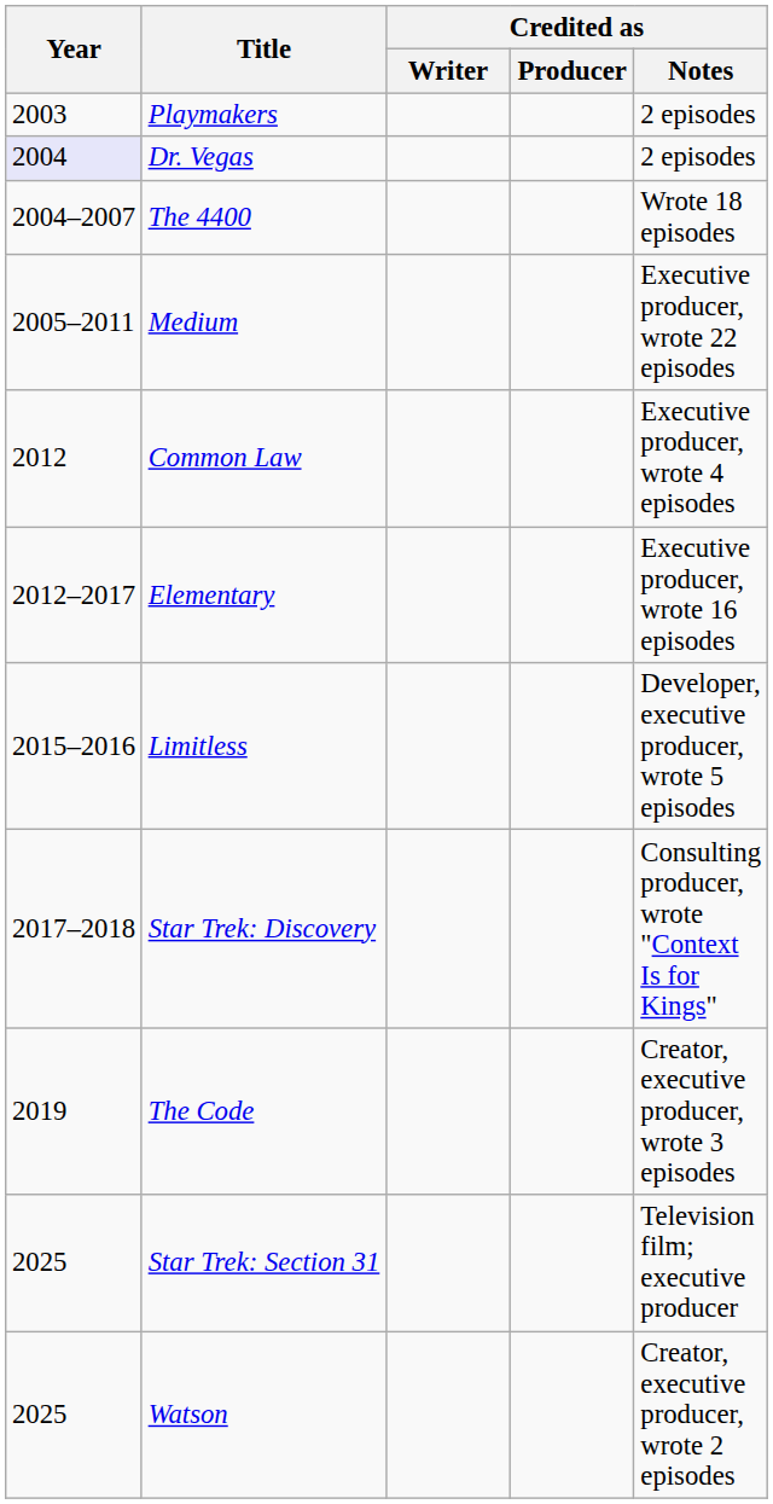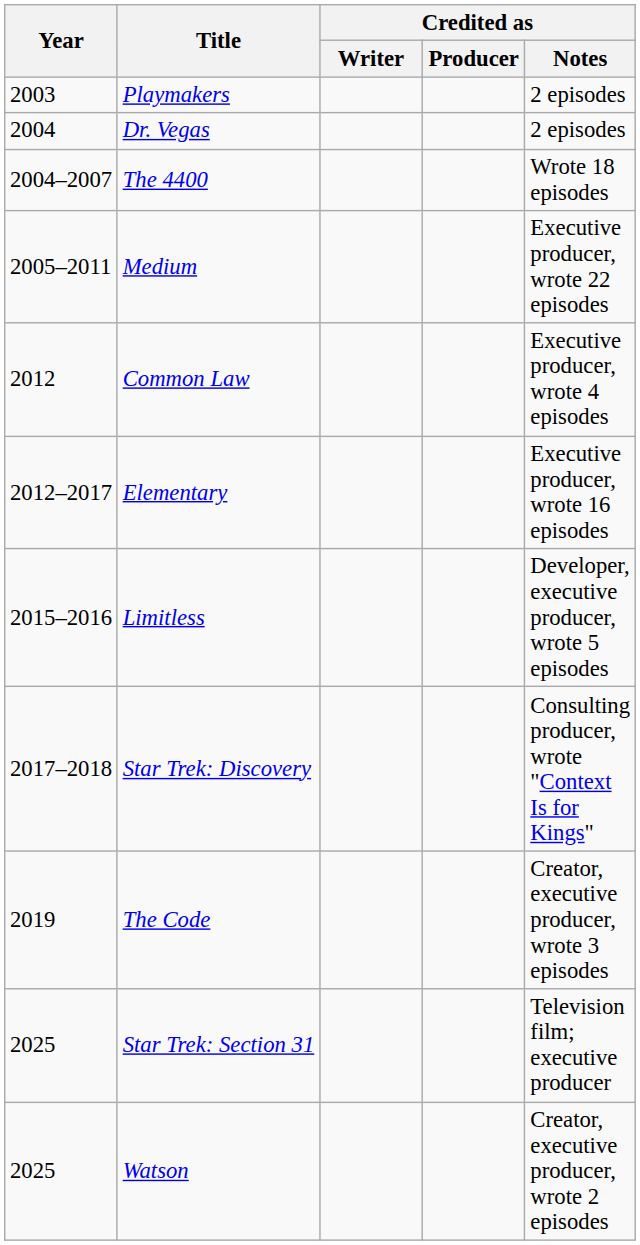 <table class="wikitable">
 <tr>
 <th rowspan="2">Year</th>
 <th rowspan="2">Title</th>
 <th colspan="4">Credited as</th>
 </tr>
 <tr>
 <th style="width:65px;">Writer</th>
 <th style="width:65px;">Producer</th>
 <th style="width:65px;">Notes</th>
 </tr>
 <tr>
 <td>2003</td>
 <td><em><a href='#'>Playmakers</a></em></td>
 <td></td>
 <td></td>
 <td>2 episodes</td>
 </tr>
 <tr>
-<td style="background: lavender;">2004</td>
+<td>2004</td>
 <td><em><a href='#'>Dr. Vegas</a></em></td>
 <td></td>
 <td></td>
 <td>2 episodes</td>
 </tr>
 <tr>
 <td>2004–2007</td>
 <td><em><a href='#'>The 4400</a></em></td>
 <td></td>
 <td></td>
 <td>Wrote 18 episodes</td>
 </tr>
 <tr>
 <td>2005–2011</td>
 <td><em><a href='#'>Medium</a></em></td>
 <td></td>
 <td></td>
 <td>Executive producer, wrote 22 episodes</td>
 </tr>
 <tr>
 <td>2012</td>
 <td><em><a href='#'>Common Law</a></em></td>
 <td></td>
 <td></td>
 <td>Executive producer, wrote 4 episodes</td>
 </tr>
 <tr>
 <td>2012–2017</td>
 <td><em><a href='#'>Elementary</a></em></td>
 <td></td>
 <td></td>
 <td>Executive producer, wrote 16 episodes</td>
 </tr>
 <tr>
 <td>2015–2016</td>
 <td><em><a href='#'>Limitless</a></em></td>
 <td></td>
 <td></td>
 <td>Developer, executive producer, wrote 5 episodes</td>
 </tr>
 <tr>
 <td>2017–2018</td>
 <td><em><a href='#'>Star Trek: Discovery</a></em></td>
 <td></td>
 <td></td>
 <td>Consulting producer, wrote "<a href='#'>Context Is for Kings</a>"</td>
 </tr>
 <tr>
 <td>2019</td>
 <td><em><a href='#'>The Code</a></em></td>
 <td></td>
 <td></td>
 <td>Creator, executive producer, wrote 3 episodes</td>
 </tr>
 <tr>
 <td>2025</td>
 <td><em><a href='#'>Star Trek: Section 31</a></em></td>
 <td></td>
 <td></td>
 <td>Television film; executive producer</td>
 </tr>
 <tr>
 <td>2025</td>
 <td><em><a href='#'>Watson</a></em></td>
 <td></td>
 <td></td>
 <td>Creator, executive producer, wrote 2 episodes</td>
 </tr>
 </table>
